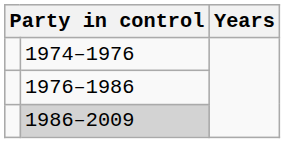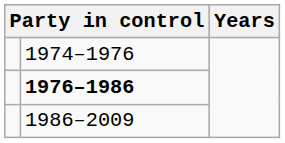 <table class="wikitable">
 <tr>
 <th colspan="2">Party in control</th>
 <th>Years</th>
 </tr>
 <tr>
 <td></td>
 <td>1974–1976</td>
 </tr>
 <tr>
 <td></td>
-<td>1976–1986</td>
+<td><strong>1976–1986</strong></td>
 </tr>
 <tr>
 <td></td>
-<td style="background: lightgrey;">1986–2009</td>
+<td>1986–2009</td>
 </tr>
 </table>
